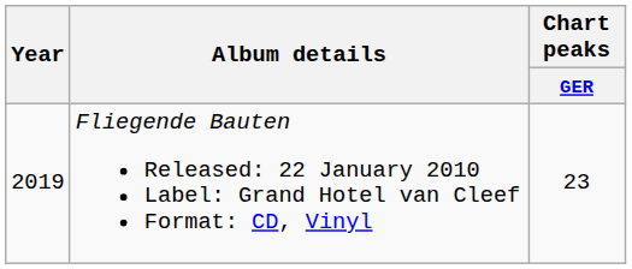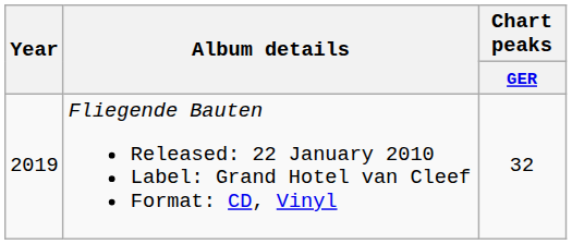 <table class="wikitable">
 <tr>
 <th scope="col" rowspan="2">Year</th>
 <th scope="col" scope="col" rowspan="2" style="width:260px;">Album details</th>
 <th scope="col" colspan="1">Chart peaks</th>
 </tr>
 <tr>
 <th scope="col" style="width:50px;"><small><a href='#'>GER</a></small><br></th>
 </tr>
 <tr>
 <td>2019</td>
 <td><em>Fliegende Bauten</em><br><ul><li>Released: 22 January 2010</li><li>Label: Grand Hotel van Cleef</li><li>Format: <a href='#'>CD</a>, <a href='#'>Vinyl</a></li></ul></td>
-<td style="text-align:center;">23</td>
+<td style="text-align:center;">32</td>
 </tr>
 </table>
